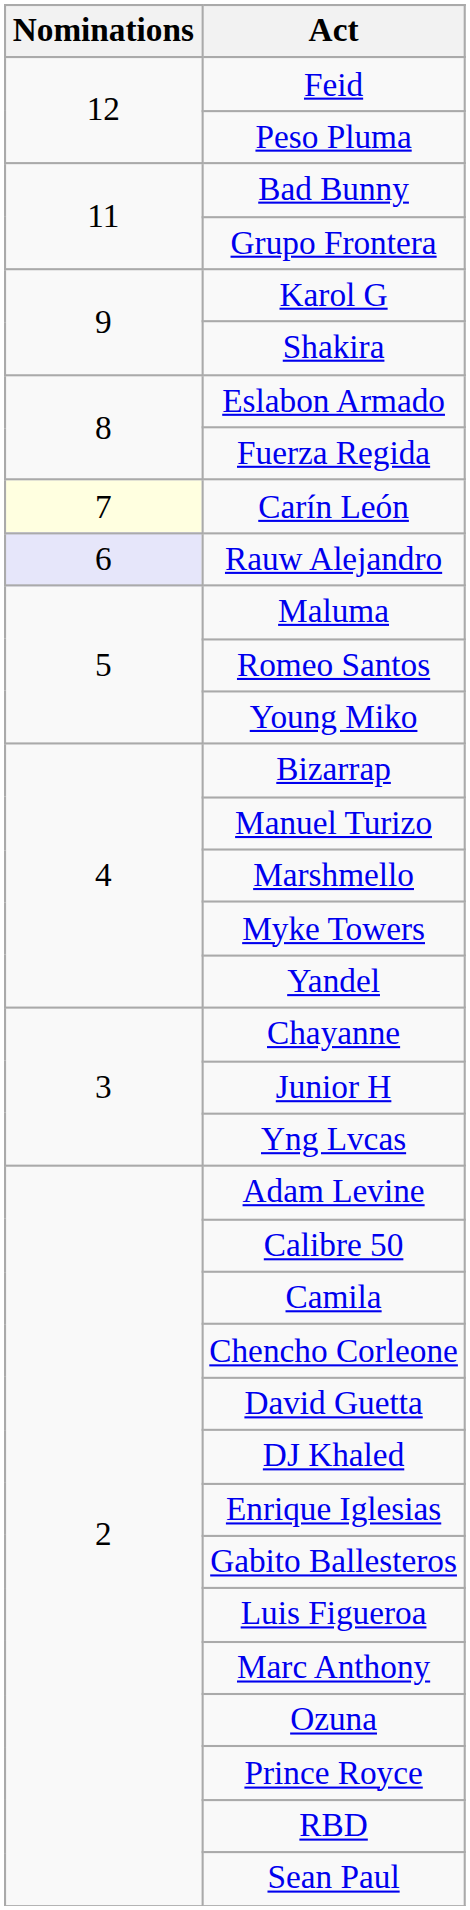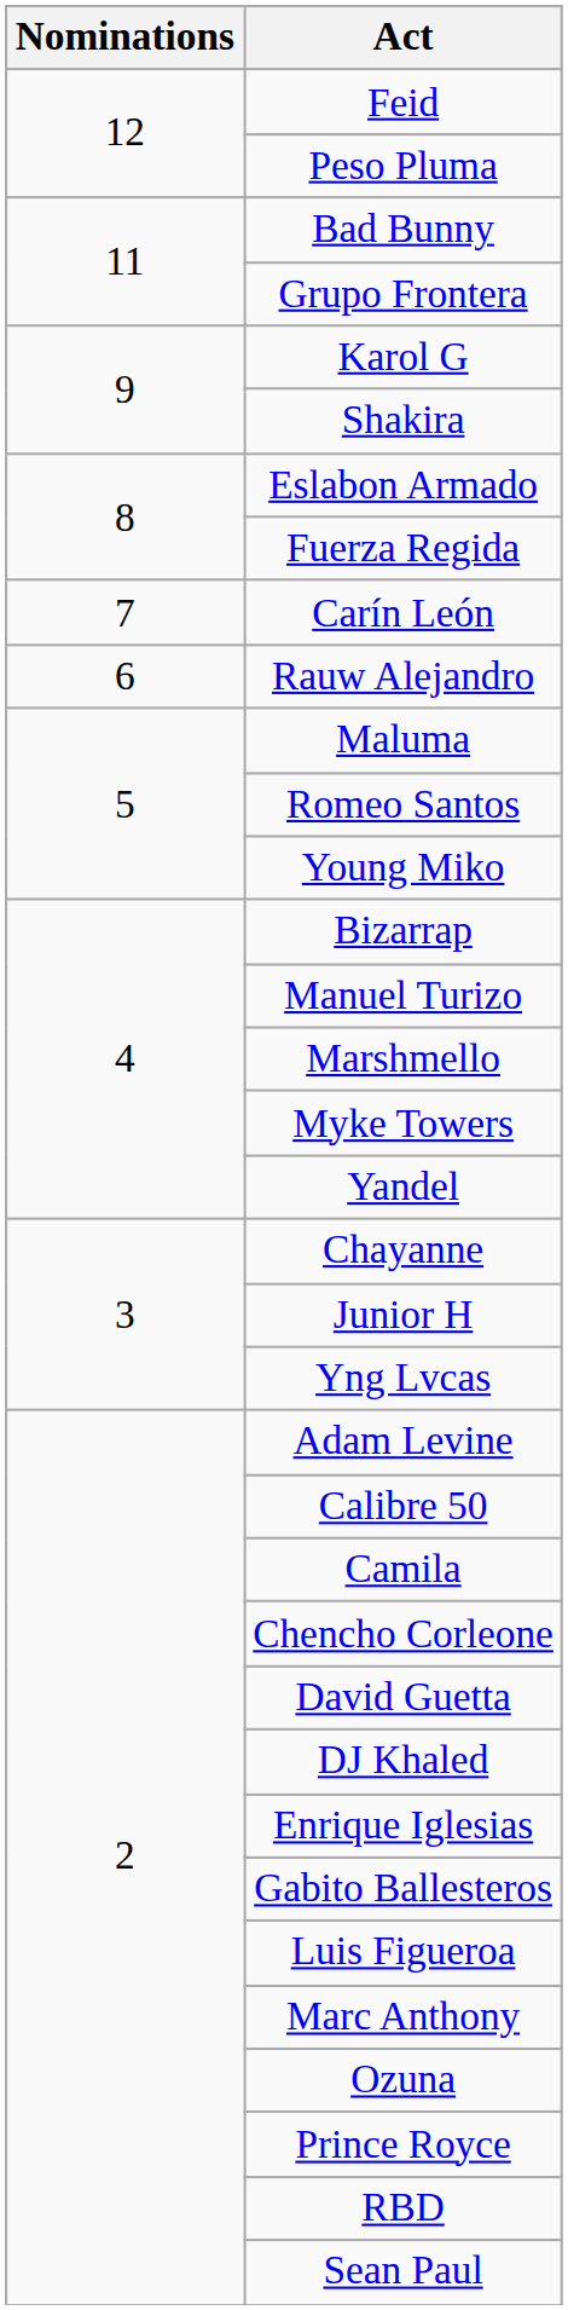 <table class="wikitable" rowspan="2" style="text-align:center;">
 <tr>
 <th scope="col">Nominations</th>
 <th scope="col">Act</th>
 </tr>
 <tr>
 <td rowspan="2">12</td>
 <td><a href='#'>Feid</a></td>
 </tr>
 <tr>
 <td><a href='#'>Peso Pluma</a></td>
 </tr>
 <tr>
 <td rowspan="2">11</td>
 <td><a href='#'>Bad Bunny</a></td>
 </tr>
 <tr>
 <td><a href='#'>Grupo Frontera</a></td>
 </tr>
 <tr>
 <td rowspan="2">9</td>
 <td><a href='#'>Karol G</a></td>
 </tr>
 <tr>
 <td><a href='#'>Shakira</a></td>
 </tr>
 <tr>
 <td rowspan="2">8</td>
 <td><a href='#'>Eslabon Armado</a></td>
 </tr>
 <tr>
 <td><a href='#'>Fuerza Regida</a></td>
 </tr>
 <tr>
-<td style="background: lightyellow;">7</td>
+<td>7</td>
 <td><a href='#'>Carín León</a></td>
 </tr>
 <tr>
-<td style="background: lavender;">6</td>
+<td>6</td>
 <td><a href='#'>Rauw Alejandro</a></td>
 </tr>
 <tr>
 <td rowspan="3">5</td>
 <td><a href='#'>Maluma</a></td>
 </tr>
 <tr>
 <td><a href='#'>Romeo Santos</a></td>
 </tr>
 <tr>
 <td><a href='#'>Young Miko</a></td>
 </tr>
 <tr>
 <td rowspan="5">4</td>
 <td><a href='#'>Bizarrap</a></td>
 </tr>
 <tr>
 <td><a href='#'>Manuel Turizo</a></td>
 </tr>
 <tr>
 <td><a href='#'>Marshmello</a></td>
 </tr>
 <tr>
 <td><a href='#'>Myke Towers</a></td>
 </tr>
 <tr>
 <td><a href='#'>Yandel</a></td>
 </tr>
 <tr>
 <td rowspan="3">3</td>
 <td><a href='#'>Chayanne</a></td>
 </tr>
 <tr>
 <td><a href='#'>Junior H</a></td>
 </tr>
 <tr>
 <td><a href='#'>Yng Lvcas</a></td>
 </tr>
 <tr>
 <td rowspan="16">2</td>
 <td><a href='#'>Adam Levine</a></td>
 </tr>
 <tr>
 <td><a href='#'>Calibre 50</a></td>
 </tr>
 <tr>
 <td><a href='#'>Camila</a></td>
 </tr>
 <tr>
 <td><a href='#'>Chencho Corleone</a></td>
 </tr>
 <tr>
 <td><a href='#'>David Guetta</a></td>
 </tr>
 <tr>
 <td><a href='#'>DJ Khaled</a></td>
 </tr>
 <tr>
 <td><a href='#'>Enrique Iglesias</a></td>
 </tr>
 <tr>
 <td><a href='#'>Gabito Ballesteros</a></td>
 </tr>
 <tr>
 <td><a href='#'>Luis Figueroa</a></td>
 </tr>
 <tr>
 <td><a href='#'>Marc Anthony</a></td>
 </tr>
 <tr>
 <td><a href='#'>Ozuna</a></td>
 </tr>
 <tr>
 <td><a href='#'>Prince Royce</a></td>
 </tr>
 <tr>
 <td><a href='#'>RBD</a></td>
 </tr>
 <tr>
 <td><a href='#'>Sean Paul</a></td>
 </tr>
 </table>
